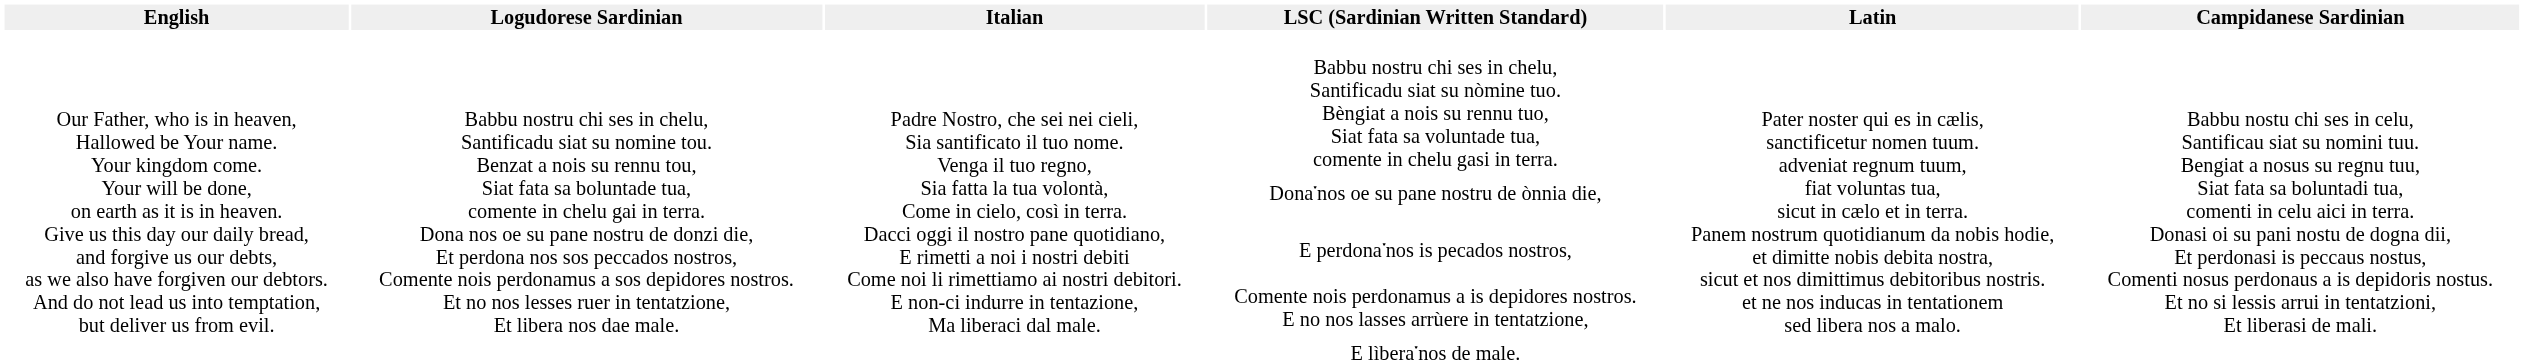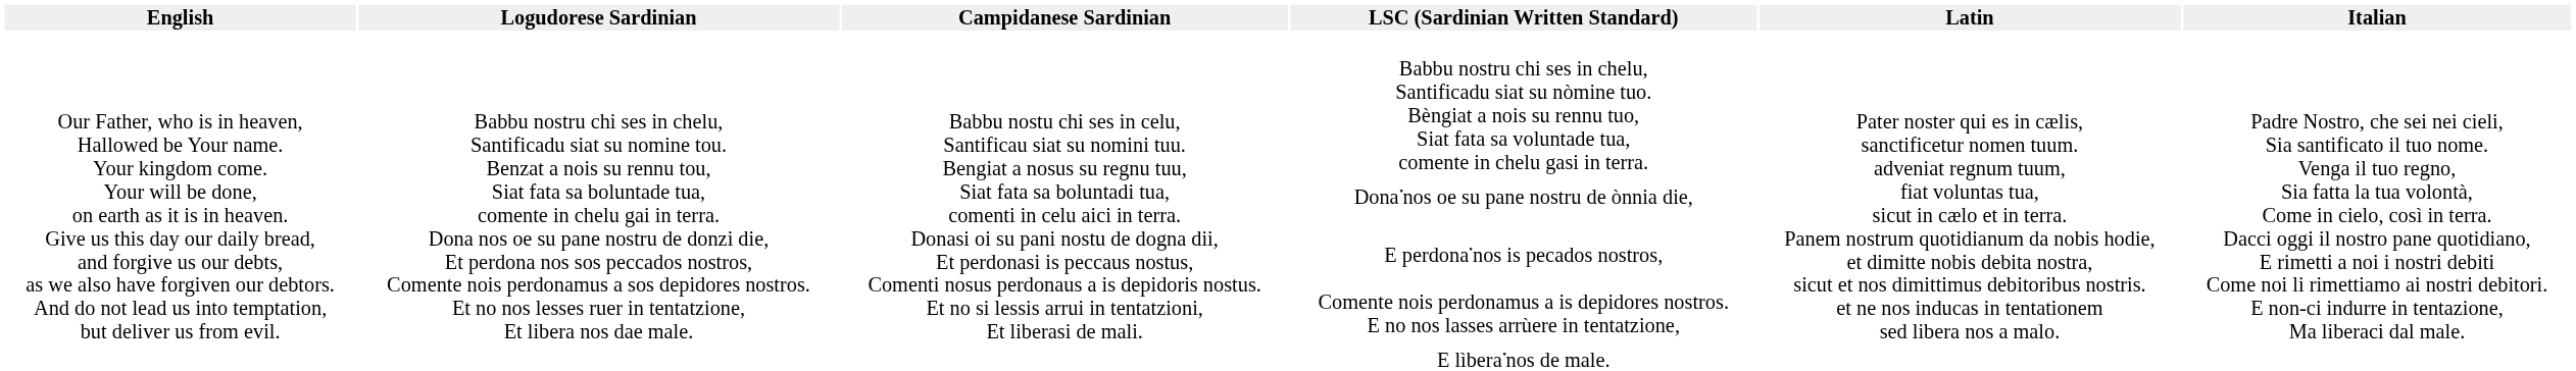 <table class="itwiki_template_toc" style="width:100%; text-align:center;">
 <tr>
 <th style="background:#efefef;">English</th>
 <th style="background:#efefef;">Logudorese Sardinian</th>
-<th style="background:#efefef;">Italian</th>
+<th style="background:#efefef;">Campidanese Sardinian</th>
 <th style="background:#efefef;">LSC (Sardinian Written Standard)</th>
 <th style="background:#efefef;">Latin</th>
-<th style="background:#efefef;">Campidanese Sardinian</th>
+<th style="background:#efefef;">Italian</th>
 </tr>
 <tr>
 <td><br>Our Father, who is in heaven,<br> Hallowed be Your name.<br> Your kingdom come.<br> Your will be done,<br> on earth as it is in heaven.<br> Give us this day our daily bread,<br> and forgive us our debts,<br> as we also have forgiven our debtors.<br> And do not lead us into temptation,<br> but deliver us from evil.</td>
 <td><br>Babbu nostru chi ses in chelu,<br> Santificadu siat su nomine tou.<br> Benzat a nois su rennu tou,<br> Siat fata sa boluntade tua,<br> comente in chelu gai in terra.<br> Dona nos oe su pane nostru de donzi die,<br> Et perdona nos sos peccados nostros,<br> Comente nois perdonamus a sos depidores nostros.<br> Et no nos lesses ruer in tentatzione,<br> Et libera nos dae male.</td>
-<td><br>Padre Nostro, che sei nei cieli,<br> Sia santificato il tuo nome.<br> Venga il tuo regno,<br> Sia fatta la tua volontà,<br> Come in cielo, così in terra.<br> Dacci oggi il nostro pane quotidiano,<br> E rimetti a noi i nostri debiti<br> Come noi li rimettiamo ai nostri debitori.<br> E non-ci indurre in tentazione,<br> Ma liberaci dal male.</td>
+<td><br>Babbu nostu chi ses in celu,<br> Santificau siat su nomini tuu.<br> Bengiat a nosus su regnu tuu,<br> Siat fata sa boluntadi tua,<br> comenti in celu aici in terra.<br> Donasi oi su pani nostu de dogna dii,<br> Et perdonasi is peccaus nostus,<br> Comenti nosus perdonaus a is depidoris nostus.<br> Et no si lessis arrui in tentatzioni,<br> Et liberasi de mali.</td>
 <td><br>Babbu nostru chi ses in chelu,<br> Santificadu siat su nòmine tuo.<br> Bèngiat a nois su rennu tuo,<br> Siat fata sa voluntade tua,<br> comente in chelu gasi in terra.<br> Dona་nos oe su pane nostru de ònnia die,<br> E perdona་nos is pecados nostros,<br> Comente nois perdonamus a is depidores nostros.<br> E no nos lasses arrùere in tentatzione,<br> E lìbera་nos de male.</td>
 <td><br>Pater noster qui es in cælis,<br> sanctificetur nomen tuum.<br> adveniat regnum tuum,<br> fiat voluntas tua,<br> sicut in cælo et in terra.<br> Panem nostrum quotidianum da nobis hodie,<br> et dimitte nobis debita nostra,<br> sicut et nos dimittimus debitoribus nostris.<br> et ne nos inducas in tentationem<br> sed libera nos a malo.</td>
-<td><br>Babbu nostu chi ses in celu,<br> Santificau siat su nomini tuu.<br> Bengiat a nosus su regnu tuu,<br> Siat fata sa boluntadi tua,<br> comenti in celu aici in terra.<br> Donasi oi su pani nostu de dogna dii,<br> Et perdonasi is peccaus nostus,<br> Comenti nosus perdonaus a is depidoris nostus.<br> Et no si lessis arrui in tentatzioni,<br> Et liberasi de mali.</td>
+<td><br>Padre Nostro, che sei nei cieli,<br> Sia santificato il tuo nome.<br> Venga il tuo regno,<br> Sia fatta la tua volontà,<br> Come in cielo, così in terra.<br> Dacci oggi il nostro pane quotidiano,<br> E rimetti a noi i nostri debiti<br> Come noi li rimettiamo ai nostri debitori.<br> E non-ci indurre in tentazione,<br> Ma liberaci dal male.</td>
 </tr>
 </table>
